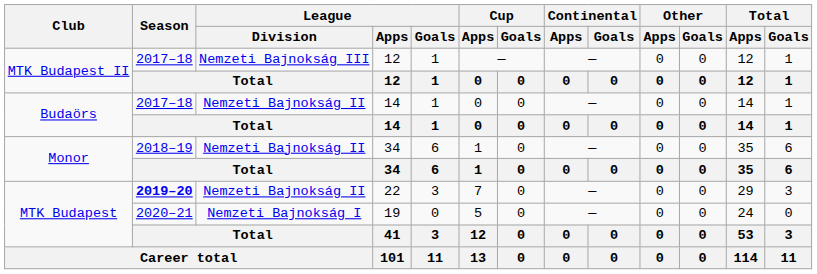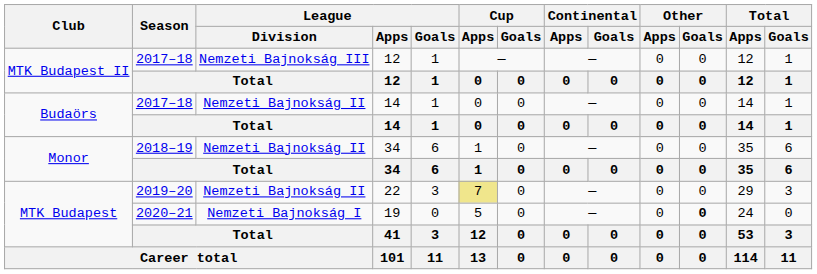 <table class="wikitable" style="text-align:center">
 <tr>
 <th rowspan="2">Club</th>
 <th rowspan="2">Season</th>
 <th colspan="3">League</th>
 <th colspan="2">Cup</th>
 <th colspan="2">Continental</th>
 <th colspan="2">Other</th>
 <th colspan="2">Total</th>
 </tr>
 <tr>
 <th>Division</th>
 <th>Apps</th>
 <th>Goals</th>
 <th>Apps</th>
 <th>Goals</th>
 <th>Apps</th>
 <th>Goals</th>
 <th>Apps</th>
 <th>Goals</th>
 <th>Apps</th>
 <th>Goals</th>
 </tr>
 <tr>
 <td rowspan="2"><a href='#'>MTK Budapest II</a></td>
 <td><a href='#'>2017–18</a></td>
 <td rowspan="1"><a href='#'>Nemzeti Bajnokság III</a></td>
 <td>12</td>
 <td>1</td>
 <td colspan="2">—</td>
 <td colspan="2">—</td>
 <td>0</td>
 <td>0</td>
 <td>12</td>
 <td>1</td>
 </tr>
 <tr>
 <th colspan="2">Total</th>
 <th>12</th>
 <th>1</th>
 <th>0</th>
 <th>0</th>
 <th>0</th>
 <th>0</th>
 <th>0</th>
 <th>0</th>
 <th>12</th>
 <th>1</th>
 </tr>
 <tr>
 <td rowspan="2"><a href='#'>Budaörs</a></td>
 <td><a href='#'>2017–18</a></td>
 <td rowspan="1"><a href='#'>Nemzeti Bajnokság II</a></td>
 <td>14</td>
 <td>1</td>
 <td>0</td>
 <td>0</td>
 <td colspan="2">—</td>
 <td>0</td>
 <td>0</td>
 <td>14</td>
 <td>1</td>
 </tr>
 <tr>
 <th colspan="2">Total</th>
 <th>14</th>
 <th>1</th>
 <th>0</th>
 <th>0</th>
 <th>0</th>
 <th>0</th>
 <th>0</th>
 <th>0</th>
 <th>14</th>
 <th>1</th>
 </tr>
 <tr>
 <td rowspan="2"><a href='#'>Monor</a></td>
 <td><a href='#'>2018–19</a></td>
 <td rowspan="1"><a href='#'>Nemzeti Bajnokság II</a></td>
 <td>34</td>
 <td>6</td>
 <td>1</td>
 <td>0</td>
 <td colspan="2">—</td>
 <td>0</td>
 <td>0</td>
 <td>35</td>
 <td>6</td>
 </tr>
 <tr>
 <th colspan="2">Total</th>
 <th>34</th>
 <th>6</th>
 <th>1</th>
 <th>0</th>
 <th>0</th>
 <th>0</th>
 <th>0</th>
 <th>0</th>
 <th>35</th>
 <th>6</th>
 </tr>
 <tr>
 <td rowspan="3"><a href='#'>MTK Budapest</a></td>
-<td><strong><a href='#'>2019–20</a></strong></td>
+<td><a href='#'>2019–20</a></td>
 <td rowspan="1"><a href='#'>Nemzeti Bajnokság II</a></td>
 <td>22</td>
 <td>3</td>
-<td>7</td>
+<td style="background: khaki;">7</td>
 <td>0</td>
 <td colspan="2">—</td>
 <td>0</td>
 <td>0</td>
 <td>29</td>
 <td>3</td>
 </tr>
 <tr>
 <td><a href='#'>2020–21</a></td>
 <td rowspan="1"><a href='#'>Nemzeti Bajnokság I</a></td>
 <td>19</td>
 <td>0</td>
 <td>5</td>
 <td>0</td>
 <td colspan="2">—</td>
 <td>0</td>
-<td>0</td>
+<td><strong>0</strong></td>
 <td>24</td>
 <td>0</td>
 </tr>
 <tr>
 <th colspan="2">Total</th>
 <th>41</th>
 <th>3</th>
 <th>12</th>
 <th>0</th>
 <th>0</th>
 <th>0</th>
 <th>0</th>
 <th>0</th>
 <th>53</th>
 <th>3</th>
 </tr>
 <tr>
 <th colspan="3">Career total</th>
 <th>101</th>
 <th>11</th>
 <th>13</th>
 <th>0</th>
 <th>0</th>
 <th>0</th>
 <th>0</th>
 <th>0</th>
 <th>114</th>
 <th>11</th>
 </tr>
 </table>
